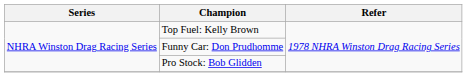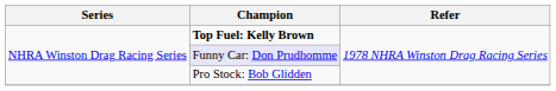 <table class="wikitable" style="font-size:87%;">
 <tr>
 <th>Series</th>
 <th>Champion</th>
 <th>Refer</th>
 </tr>
 <tr>
 <td rowspan=3><a href='#'>NHRA Winston Drag Racing Series</a></td>
-<td>Top Fuel:  Kelly Brown</td>
+<td><strong>Top Fuel:  Kelly Brown</strong></td>
 <td rowspan=3><em><a href='#'>1978 NHRA Winston Drag Racing Series</a></em></td>
 </tr>
 <tr>
-<td>Funny Car:  <a href='#'>Don Prudhomme</a></td>
+<td style="background: lavender;">Funny Car:  <a href='#'>Don Prudhomme</a></td>
 </tr>
 <tr>
 <td>Pro Stock:  <a href='#'>Bob Glidden</a></td>
 </tr>
 <tr>
 </tr>
 </table>
